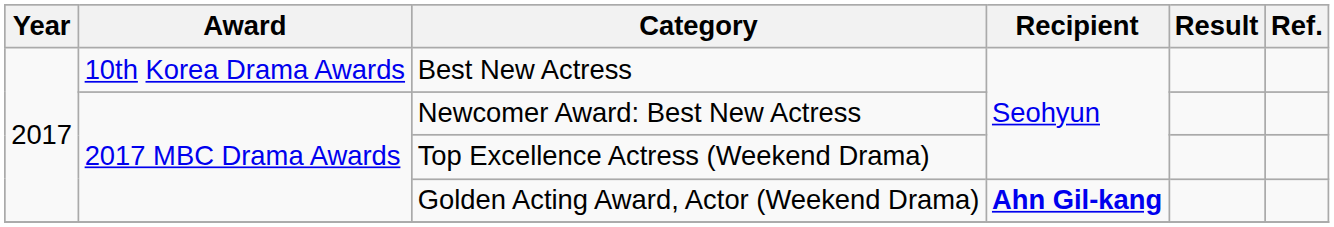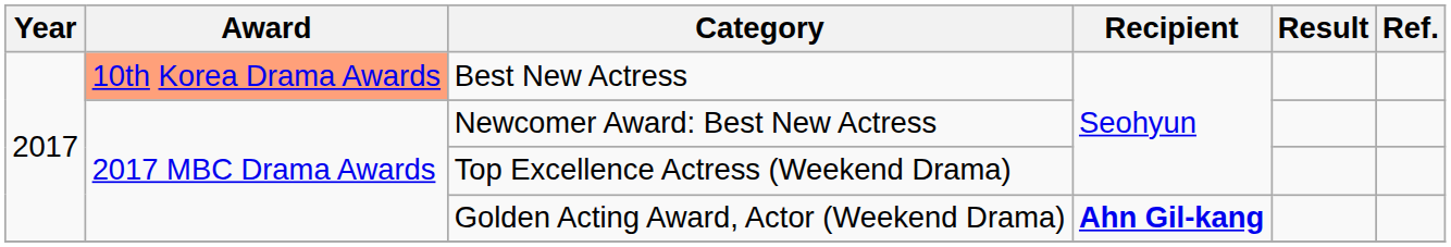 <table class="wikitable">
 <tr>
 <th>Year</th>
 <th>Award</th>
 <th>Category</th>
 <th>Recipient</th>
 <th>Result</th>
 <th>Ref.</th>
 </tr>
 <tr>
 <td rowspan="4">2017</td>
-<td><a href='#'>10th</a> <a href='#'>Korea Drama Awards</a></td>
+<td style="background: lightsalmon;"><a href='#'>10th</a> <a href='#'>Korea Drama Awards</a></td>
 <td>Best New Actress</td>
 <td rowspan="3"><a href='#'>Seohyun</a></td>
 <td></td>
 <td></td>
 </tr>
 <tr>
 <td rowspan="3"><a href='#'>2017 MBC Drama Awards</a></td>
 <td>Newcomer Award: Best New Actress</td>
 <td></td>
 <td></td>
 </tr>
 <tr>
 <td>Top Excellence Actress (Weekend Drama)</td>
 <td></td>
 <td></td>
 </tr>
 <tr>
 <td>Golden Acting Award, Actor (Weekend Drama)</td>
 <td><strong><a href='#'>Ahn Gil-kang</a></strong></td>
 <td></td>
 <td></td>
 </tr>
 <tr>
 </tr>
 </table>
